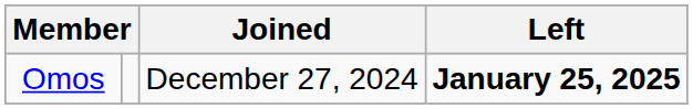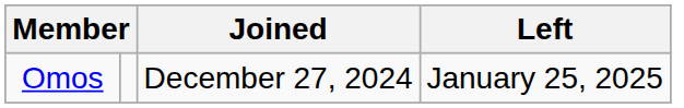 <table class="wikitable sortable" style="text-align:center;">
 <tr>
 <th colspan="2">Member</th>
 <th>Joined</th>
 <th>Left</th>
 </tr>
 <tr>
 <td><a href='#'>Omos</a></td>
 <td></td>
 <td>December 27, 2024</td>
-<td><strong>January 25, 2025</strong></td>
+<td>January 25, 2025</td>
 </tr>
 </table>
